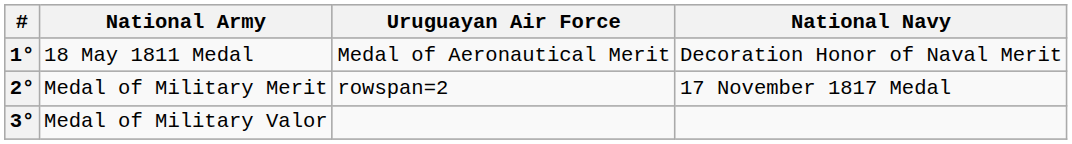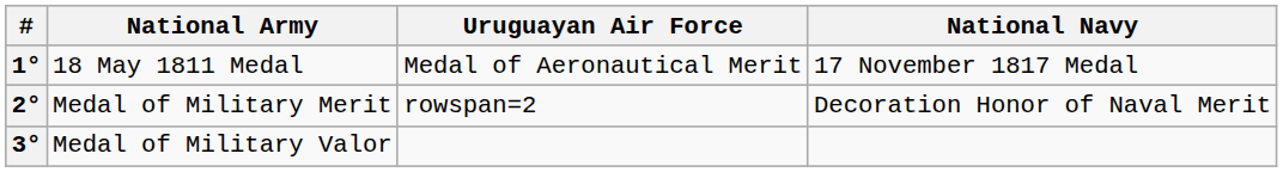 <table class=wikitable>
 <tr>
 <th>#</th>
 <th>National Army</th>
 <th>Uruguayan Air Force</th>
 <th>National Navy</th>
 </tr>
 <tr>
 <th>1°</th>
 <td>18 May 1811 Medal</td>
 <td>Medal of Aeronautical Merit</td>
-<td>Decoration Honor of Naval Merit</td>
+<td>17 November 1817 Medal</td>
 </tr>
 <tr>
 <th>2°</th>
 <td>Medal of Military Merit</td>
 <td>rowspan=2 </td>
-<td>17 November 1817 Medal</td>
+<td>Decoration Honor of Naval Merit</td>
 </tr>
 <tr>
 <th>3°</th>
 <td>Medal of Military Valor</td>
 <td></td>
 </tr>
 </table>
